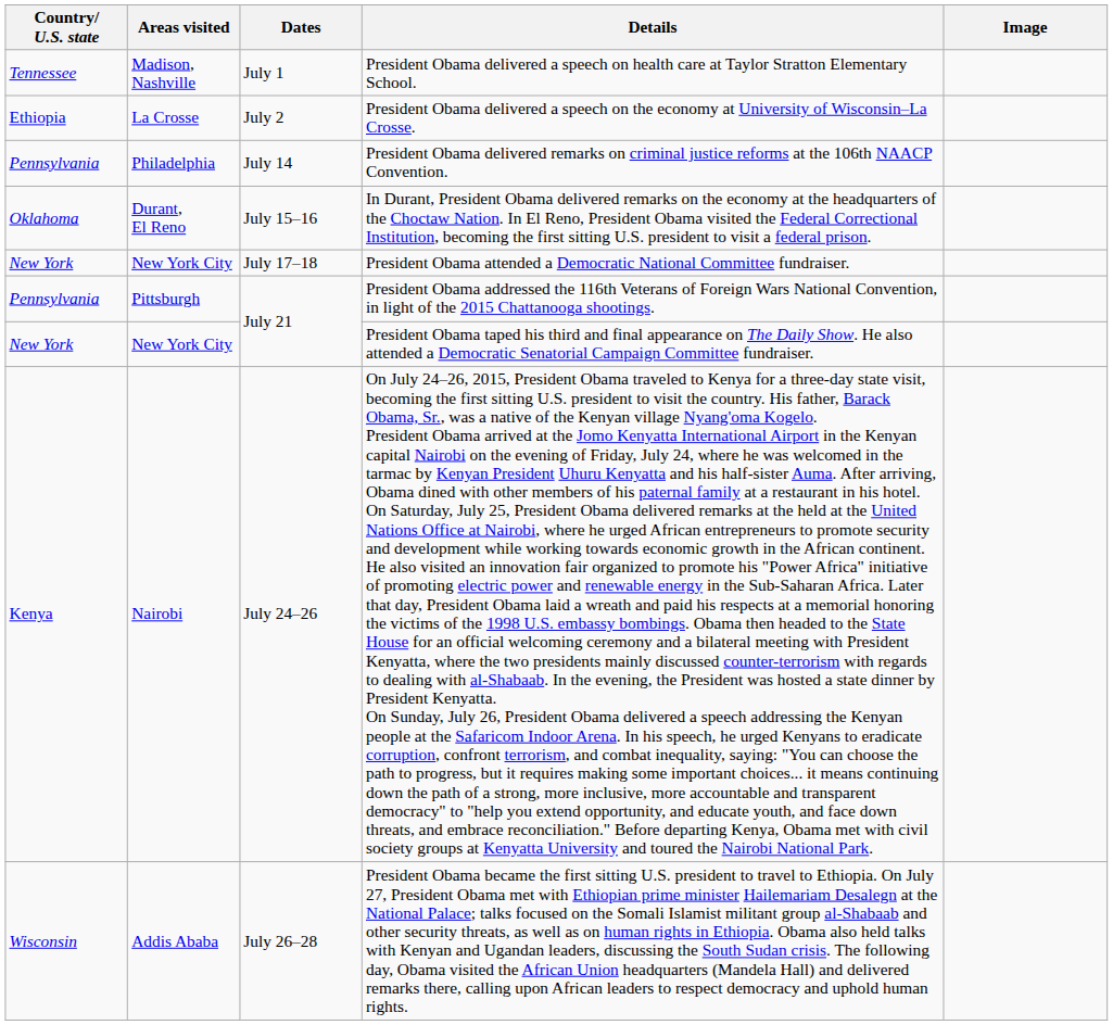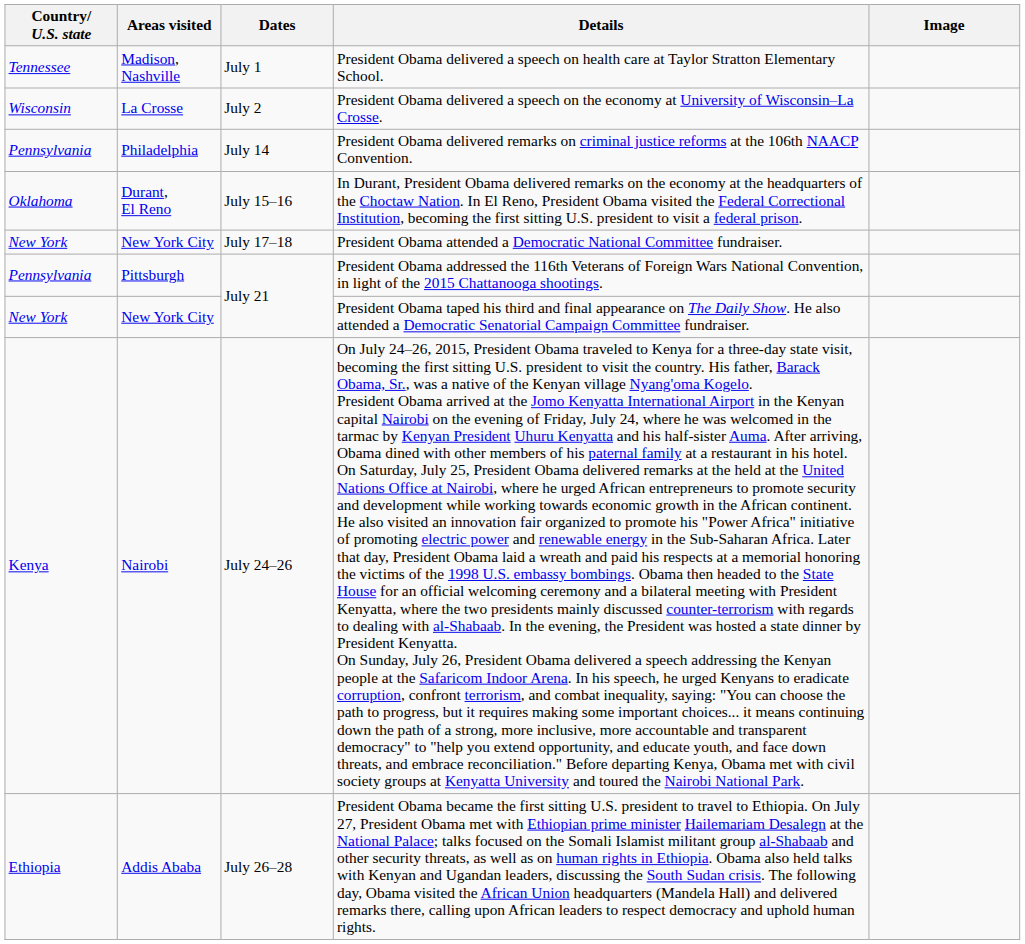 <table class="wikitable" style="margin: 1em auto 1em auto">
 <tr>
 <th width=110>Country/<br><em>U.S. state</em></th>
 <th width=100>Areas visited</th>
 <th width=110>Dates</th>
 <th width=550>Details</th>
 <th width=150>Image</th>
 </tr>
 <tr>
 <td> <em><a href='#'>Tennessee</a></em></td>
 <td><a href='#'>Madison</a>,<br><a href='#'>Nashville</a></td>
 <td>July 1</td>
 <td>President Obama delivered a speech on health care at Taylor Stratton Elementary School.</td>
 <td></td>
 </tr>
 <tr>
-<td> <a href='#'>Ethiopia</a></td>
+<td> <em><a href='#'>Wisconsin</a></em></td>
 <td><a href='#'>La Crosse</a></td>
 <td>July 2</td>
 <td>President Obama delivered a speech on the economy at <a href='#'>University of Wisconsin–La Crosse</a>.</td>
 <td></td>
 </tr>
 <tr>
 <td> <em><a href='#'>Pennsylvania</a></em></td>
 <td><a href='#'>Philadelphia</a></td>
 <td>July 14</td>
 <td>President Obama delivered remarks on <a href='#'>criminal justice reforms</a> at the 106th <a href='#'>NAACP</a> Convention.</td>
 <td></td>
 </tr>
 <tr>
 <td> <em><a href='#'>Oklahoma</a></em></td>
 <td><a href='#'>Durant</a>,<br><a href='#'>El Reno</a></td>
 <td>July 15–16</td>
 <td>In Durant, President Obama delivered remarks on the economy at the headquarters of the <a href='#'>Choctaw Nation</a>. In El Reno, President Obama visited the <a href='#'>Federal Correctional Institution</a>, becoming the first sitting U.S. president to visit a <a href='#'>federal prison</a>.</td>
 <td></td>
 </tr>
 <tr>
 <td> <em><a href='#'>New York</a></em></td>
 <td><a href='#'>New York City</a></td>
 <td>July 17–18</td>
 <td>President Obama attended a <a href='#'>Democratic National Committee</a> fundraiser.</td>
 <td></td>
 </tr>
 <tr>
 <td> <em><a href='#'>Pennsylvania</a></em></td>
 <td><a href='#'>Pittsburgh</a></td>
 <td rowspan="2">July 21</td>
 <td>President Obama addressed the 116th Veterans of Foreign Wars National Convention, in light of the <a href='#'>2015 Chattanooga shootings</a>.</td>
 <td></td>
 </tr>
 <tr>
 <td> <em><a href='#'>New York</a></em></td>
 <td><a href='#'>New York City</a></td>
 <td>President Obama taped his third and final appearance on <em><a href='#'>The Daily Show</a></em>. He also attended a <a href='#'>Democratic Senatorial Campaign Committee</a> fundraiser.</td>
 <td></td>
 </tr>
 <tr>
 <td> <a href='#'>Kenya</a></td>
 <td><a href='#'>Nairobi</a></td>
 <td>July 24–26</td>
 <td>On July 24–26, 2015, President Obama traveled to Kenya for a three-day state visit, becoming the first sitting U.S. president to visit the country. His father, <a href='#'>Barack Obama, Sr.</a>, was a native of the Kenyan village <a href='#'>Nyang'oma Kogelo</a>.<br>President Obama arrived at the <a href='#'>Jomo Kenyatta International Airport</a> in the Kenyan capital <a href='#'>Nairobi</a> on the evening of Friday, July 24, where he was welcomed in the tarmac by <a href='#'>Kenyan President</a> <a href='#'>Uhuru Kenyatta</a> and his half-sister <a href='#'>Auma</a>. After arriving, Obama dined with other members of his <a href='#'>paternal family</a> at a restaurant in his hotel.<br>On Saturday, July 25, President Obama delivered remarks at the  held at the <a href='#'>United Nations Office at Nairobi</a>, where he urged African entrepreneurs to promote security and development while working towards economic growth in the African continent. He also visited an innovation fair organized to promote his "Power Africa" initiative of promoting <a href='#'>electric power</a> and <a href='#'>renewable energy</a> in the Sub-Saharan Africa. Later that day, President Obama laid a wreath and paid his respects at a memorial honoring the victims of the <a href='#'>1998 U.S. embassy bombings</a>. Obama then headed to the <a href='#'>State House</a> for an official welcoming ceremony and a bilateral meeting with President Kenyatta, where the two presidents mainly discussed <a href='#'>counter-terrorism</a> with regards to dealing with <a href='#'>al-Shabaab</a>. In the evening, the President was hosted a state dinner by President Kenyatta.<br>On Sunday, July 26, President Obama delivered a speech addressing the Kenyan people at the <a href='#'>Safaricom Indoor Arena</a>. In his speech, he urged Kenyans to eradicate <a href='#'>corruption</a>, confront <a href='#'>terrorism</a>, and combat inequality, saying: "You can choose the path to progress, but it requires making some important choices... it means continuing down the path of a strong, more inclusive, more accountable and transparent democracy" to "help you extend opportunity, and educate youth, and face down threats, and embrace reconciliation." Before departing Kenya, Obama met with civil society groups at <a href='#'>Kenyatta University</a> and toured the <a href='#'>Nairobi National Park</a>.</td>
 <td></td>
 </tr>
 <tr>
-<td> <em><a href='#'>Wisconsin</a></em></td>
+<td> <a href='#'>Ethiopia</a></td>
 <td><a href='#'>Addis Ababa</a></td>
 <td>July 26–28</td>
 <td>President Obama became the first sitting U.S. president to travel to Ethiopia. On July 27, President Obama met with <a href='#'>Ethiopian prime minister</a> <a href='#'>Hailemariam Desalegn</a> at the <a href='#'>National Palace</a>; talks focused on the Somali Islamist militant group <a href='#'>al-Shabaab</a> and other security threats, as well as on <a href='#'>human rights in Ethiopia</a>. Obama also held talks with Kenyan and Ugandan leaders, discussing the <a href='#'>South Sudan crisis</a>. The following day, Obama visited the <a href='#'>African Union</a> headquarters (Mandela Hall) and delivered remarks there, calling upon African leaders to respect democracy and uphold human rights.</td>
 <td></td>
 </tr>
 </table>
